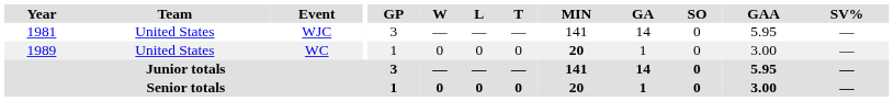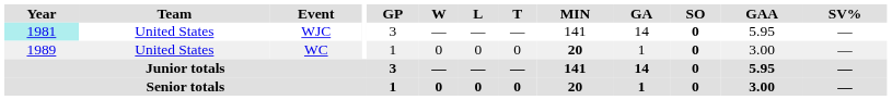 <table border="0" cellpadding="1" cellspacing="0" ID="Table3" style="text-align:center; width:60em">
 <tr ALIGN="center" bgcolor="#e0e0e0">
 <th>Year</th>
 <th>Team</th>
 <th>Event</th>
 <th rowspan="99" bgcolor="#ffffff"></th>
 <th>GP</th>
 <th>W</th>
 <th>L</th>
 <th>T</th>
 <th>MIN</th>
 <th>GA</th>
 <th>SO</th>
 <th>GAA</th>
 <th>SV%</th>
 </tr>
 <tr>
-<td><a href='#'>1981</a></td>
+<td style="background: paleturquoise;"><a href='#'>1981</a></td>
 <td><a href='#'>United States</a></td>
 <td><a href='#'>WJC</a></td>
 <td>3</td>
 <td>—</td>
 <td>—</td>
 <td>—</td>
 <td>141</td>
 <td>14</td>
-<td>0</td>
+<td><strong>0</strong></td>
 <td>5.95</td>
 <td>—</td>
 </tr>
 <tr bgcolor="#f0f0f0">
 <td><a href='#'>1989</a></td>
 <td><a href='#'>United States</a></td>
 <td><a href='#'>WC</a></td>
 <td>1</td>
 <td>0</td>
 <td>0</td>
 <td>0</td>
 <td><strong>20</strong></td>
 <td>1</td>
-<td>0</td>
+<td><strong>0</strong></td>
 <td>3.00</td>
 <td>—</td>
 </tr>
 <tr bgcolor="#e0e0e0">
 <th colspan=4>Junior totals</th>
 <th>3</th>
 <th>—</th>
 <th>—</th>
 <th>—</th>
 <th>141</th>
 <th>14</th>
 <th>0</th>
 <th>5.95</th>
 <th>—</th>
 </tr>
 <tr bgcolor="#e0e0e0">
 <th colspan=4>Senior totals</th>
 <th>1</th>
 <th>0</th>
 <th>0</th>
 <th>0</th>
 <th>20</th>
 <th>1</th>
 <th>0</th>
 <th>3.00</th>
 <th>—</th>
 </tr>
 </table>
